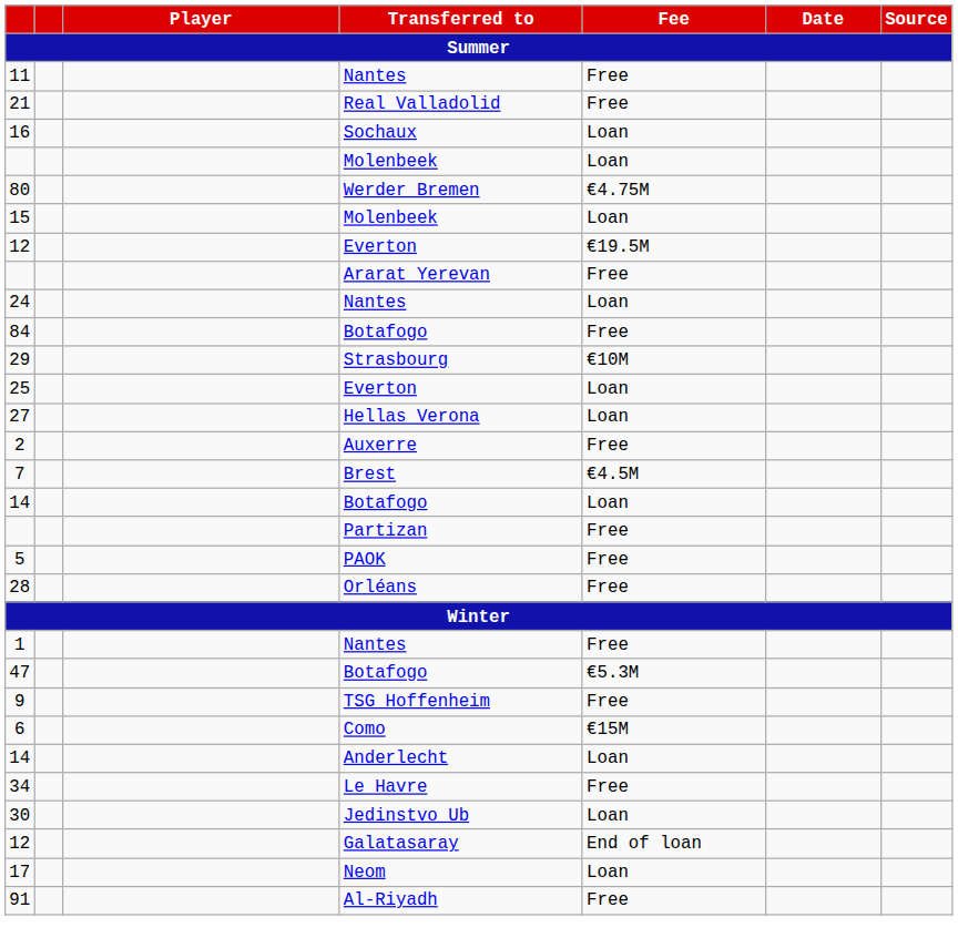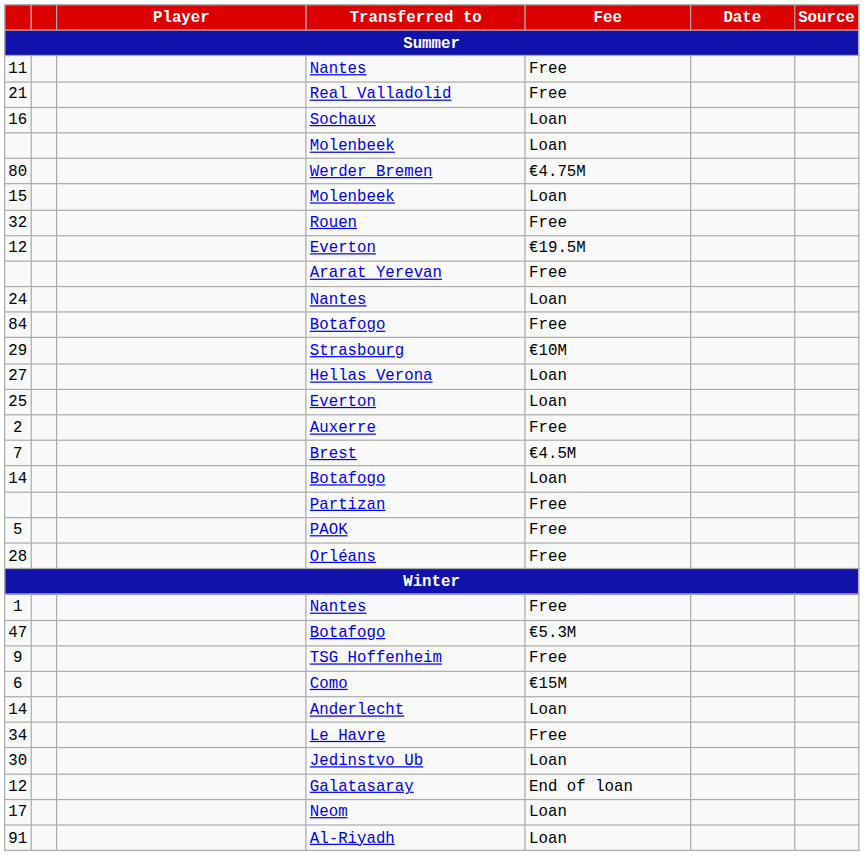 <table class="wikitable plainrowheaders sortable">
 <tr>
 <th style="background:#DD0000; color:white; scope=col; width:15px"></th>
 <th style="background:#DD0000; color:white; scope=col; width:15px"></th>
 <th style="background:#DD0000; color:white; scope=col; width:200px">Player</th>
 <th style="background:#DD0000; color:white; scope=col; width:175px">Transferred to</th>
 <th style="background:#DD0000; color:white; scope=col; width:130px">Fee</th>
 <th style="background:#DD0000; color:white; scope=col; width:80px">Date</th>
 <th style="background:#DD0000; color:white; scope=col; width:15px">Source</th>
 </tr>
 <tr>
 <th colspan="7" style="background:#1112AB; color:white;">Summer</th>
 </tr>
 <tr>
 <td align=center>11</td>
 <td align=center></td>
 <td></td>
 <td> <a href='#'>Nantes</a></td>
 <td>Free</td>
 <td></td>
 <td></td>
 </tr>
 <tr>
 <td align=center>21</td>
 <td align=center></td>
 <td></td>
 <td> <a href='#'>Real Valladolid</a></td>
 <td>Free</td>
 <td></td>
 <td></td>
 </tr>
 <tr>
 <td align=center>16</td>
 <td align=center></td>
 <td></td>
 <td> <a href='#'>Sochaux</a></td>
 <td>Loan</td>
 <td></td>
 <td></td>
 </tr>
 <tr>
 <td align=center></td>
 <td align=center></td>
 <td></td>
 <td> <a href='#'>Molenbeek</a></td>
 <td>Loan</td>
 <td></td>
 <td></td>
 </tr>
 <tr>
 <td align=center>80</td>
 <td align=center></td>
 <td></td>
 <td> <a href='#'>Werder Bremen</a></td>
 <td>€4.75M</td>
 <td></td>
 <td></td>
 </tr>
 <tr>
 <td align=center>15</td>
 <td align=center></td>
 <td></td>
 <td> <a href='#'>Molenbeek</a></td>
 <td>Loan</td>
 <td></td>
 <td></td>
 </tr>
 <tr>
+<td align=center>32</td>
+<td align=center></td>
+<td></td>
+<td> <a href='#'>Rouen</a></td>
+<td>Free</td>
+<td></td>
+<td></td>
+</tr>
+<tr>
 <td align=center>12</td>
 <td align=center></td>
 <td></td>
 <td> <a href='#'>Everton</a></td>
 <td>€19.5M</td>
 <td></td>
 <td></td>
 </tr>
 <tr>
 <td align=center></td>
 <td align=center></td>
 <td></td>
 <td> <a href='#'>Ararat Yerevan</a></td>
 <td>Free</td>
 <td></td>
 <td></td>
 </tr>
 <tr>
 <td align=center>24</td>
 <td align=center></td>
 <td></td>
 <td> <a href='#'>Nantes</a></td>
 <td>Loan</td>
 <td></td>
 <td></td>
 </tr>
 <tr>
 <td align=center>84</td>
 <td align=center></td>
 <td></td>
 <td> <a href='#'>Botafogo</a></td>
 <td>Free</td>
 <td></td>
 <td></td>
 </tr>
 <tr>
 <td align=center>29</td>
 <td align=center></td>
 <td></td>
 <td> <a href='#'>Strasbourg</a></td>
 <td>€10M</td>
 <td></td>
 <td></td>
 </tr>
 <tr>
-<td align=center>25</td>
+<td align=center>27</td>
 <td align=center></td>
 <td></td>
-<td> <a href='#'>Everton</a></td>
+<td> <a href='#'>Hellas Verona</a></td>
 <td>Loan</td>
 <td></td>
 <td></td>
 </tr>
 <tr>
-<td align=center>27</td>
+<td align=center>25</td>
 <td align=center></td>
 <td></td>
-<td> <a href='#'>Hellas Verona</a></td>
+<td> <a href='#'>Everton</a></td>
 <td>Loan</td>
 <td></td>
 <td></td>
 </tr>
 <tr>
 <td align=center>2</td>
 <td align=center></td>
 <td></td>
 <td> <a href='#'>Auxerre</a></td>
 <td>Free</td>
 <td></td>
 <td></td>
 </tr>
 <tr>
 <td align=center>7</td>
 <td align=center></td>
 <td></td>
 <td> <a href='#'>Brest</a></td>
 <td>€4.5M</td>
 <td></td>
 <td></td>
 </tr>
 <tr>
 <td align=center>14</td>
 <td align=center></td>
 <td></td>
 <td> <a href='#'>Botafogo</a></td>
 <td>Loan</td>
 <td></td>
 <td></td>
 </tr>
 <tr>
 <td align=center></td>
 <td align=center></td>
 <td></td>
 <td> <a href='#'>Partizan</a></td>
 <td>Free</td>
 <td></td>
 <td></td>
 </tr>
 <tr>
 <td align=center>5</td>
 <td align=center></td>
 <td></td>
 <td> <a href='#'>PAOK</a></td>
 <td>Free</td>
 <td></td>
 <td></td>
 </tr>
 <tr>
 <td align=center>28</td>
 <td align=center></td>
 <td></td>
 <td> <a href='#'>Orléans</a></td>
 <td>Free</td>
 <td></td>
 <td></td>
 </tr>
 <tr>
 <th colspan="7" style="background:#1112AB; color:white;">Winter</th>
 </tr>
 <tr>
 <td align=center>1</td>
 <td align=center></td>
 <td></td>
 <td> <a href='#'>Nantes</a></td>
 <td>Free</td>
 <td></td>
 <td></td>
 </tr>
 <tr>
 <td align=center>47</td>
 <td align=center></td>
 <td></td>
 <td> <a href='#'>Botafogo</a></td>
 <td>€5.3M</td>
 <td></td>
 <td></td>
 </tr>
 <tr>
 <td align=center>9</td>
 <td align=center></td>
 <td></td>
 <td> <a href='#'>TSG Hoffenheim</a></td>
 <td>Free</td>
 <td></td>
 <td></td>
 </tr>
 <tr>
 <td align=center>6</td>
 <td align=center></td>
 <td></td>
 <td> <a href='#'>Como</a></td>
 <td>€15M</td>
 <td></td>
 <td></td>
 </tr>
 <tr>
 <td align=center>14</td>
 <td align=center></td>
 <td></td>
 <td> <a href='#'>Anderlecht</a></td>
 <td>Loan</td>
 <td></td>
 <td></td>
 </tr>
 <tr>
 <td align=center>34</td>
 <td align=center></td>
 <td></td>
 <td> <a href='#'>Le Havre</a></td>
 <td>Free</td>
 <td></td>
 <td></td>
 </tr>
 <tr>
 <td align=center>30</td>
 <td align=center></td>
 <td></td>
 <td> <a href='#'>Jedinstvo Ub</a></td>
 <td>Loan</td>
 <td></td>
 <td></td>
 </tr>
 <tr>
 <td align=center>12</td>
 <td align=center></td>
 <td></td>
 <td> <a href='#'>Galatasaray</a></td>
 <td>End of loan</td>
 <td></td>
 <td></td>
 </tr>
 <tr>
 <td align=center>17</td>
 <td align=center></td>
 <td></td>
 <td> <a href='#'>Neom</a></td>
 <td>Loan</td>
 <td></td>
 <td></td>
 </tr>
 <tr>
 <td align=center>91</td>
 <td align=center></td>
 <td></td>
 <td> <a href='#'>Al-Riyadh</a></td>
-<td>Free</td>
+<td>Loan</td>
 <td></td>
 <td></td>
 </tr>
 </table>
